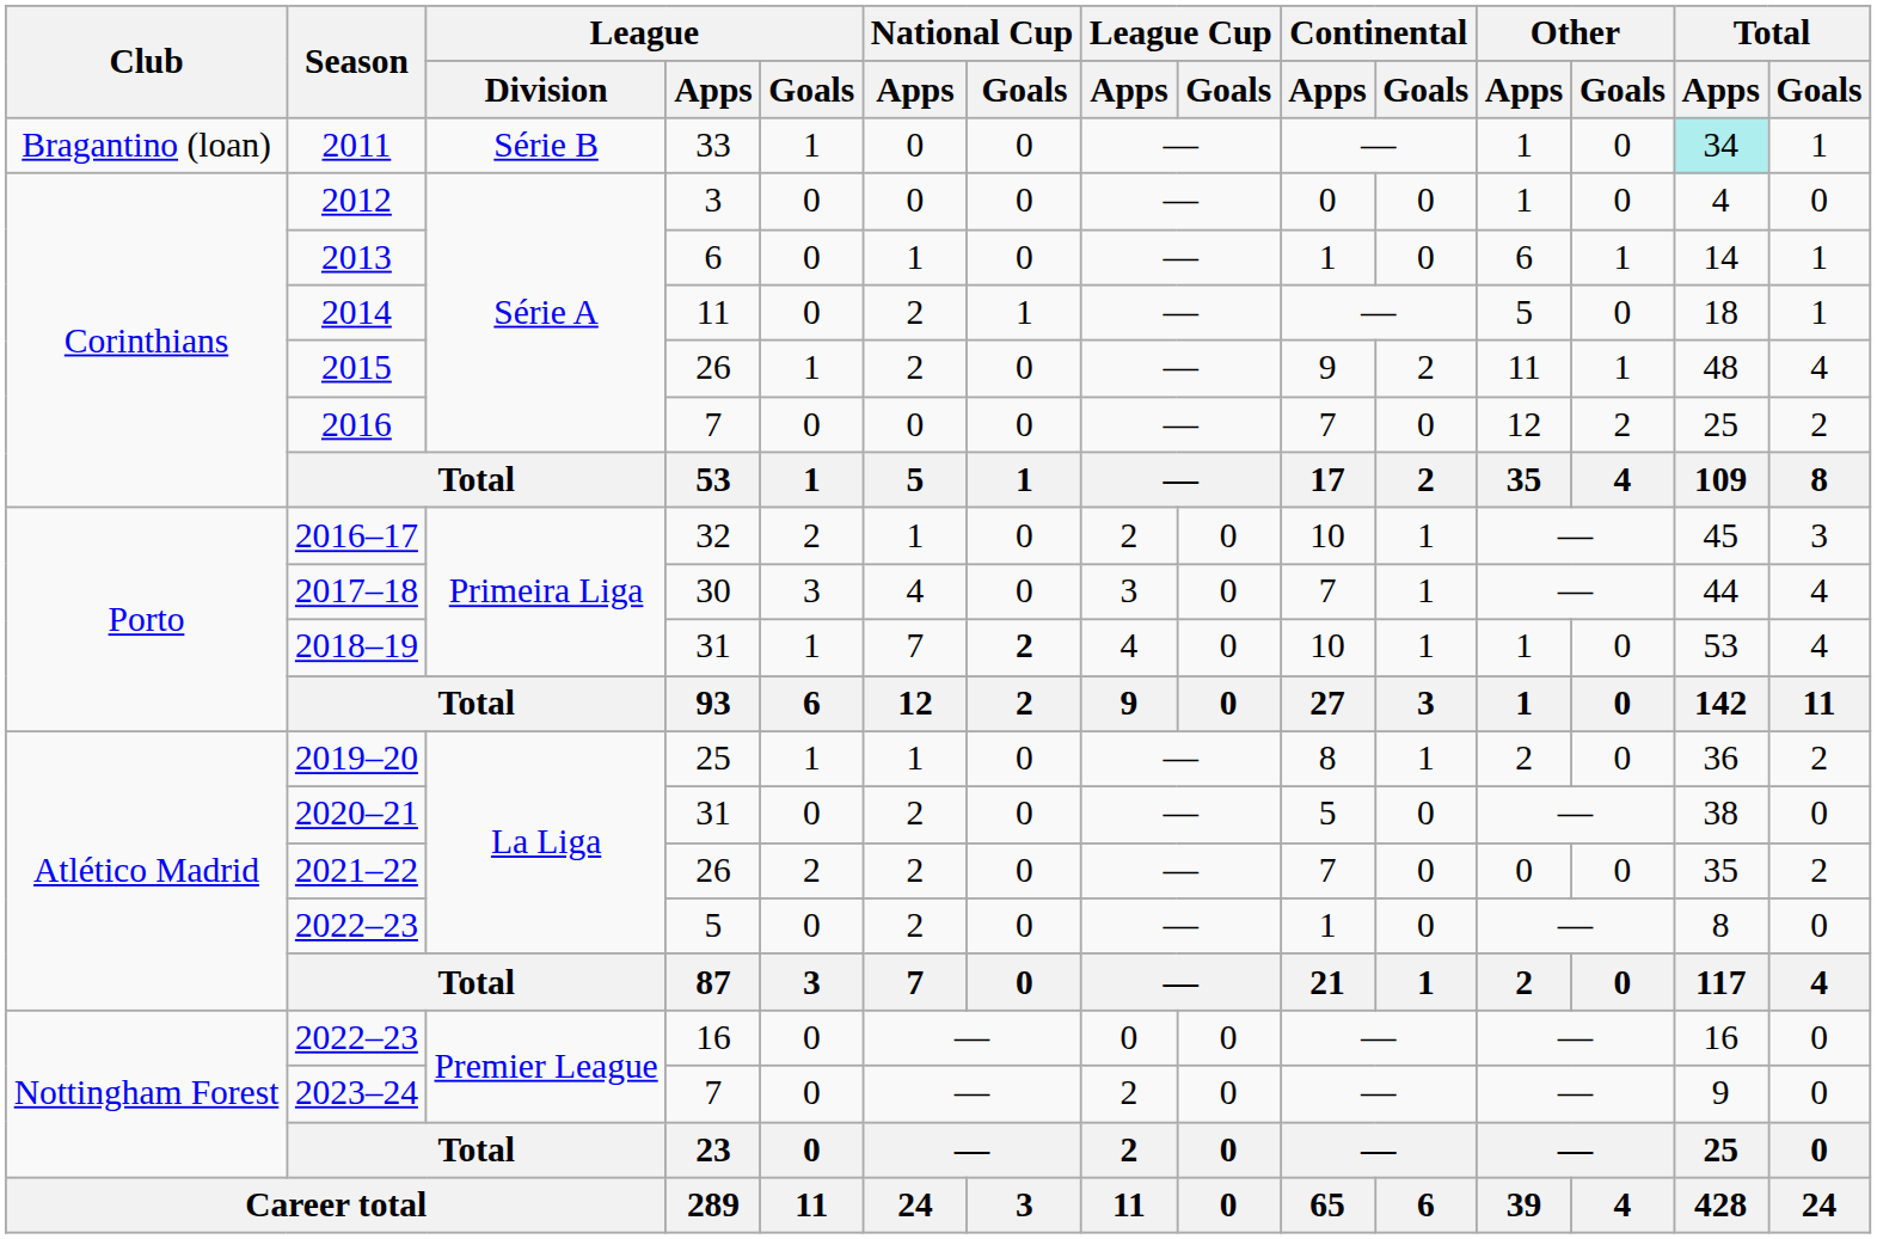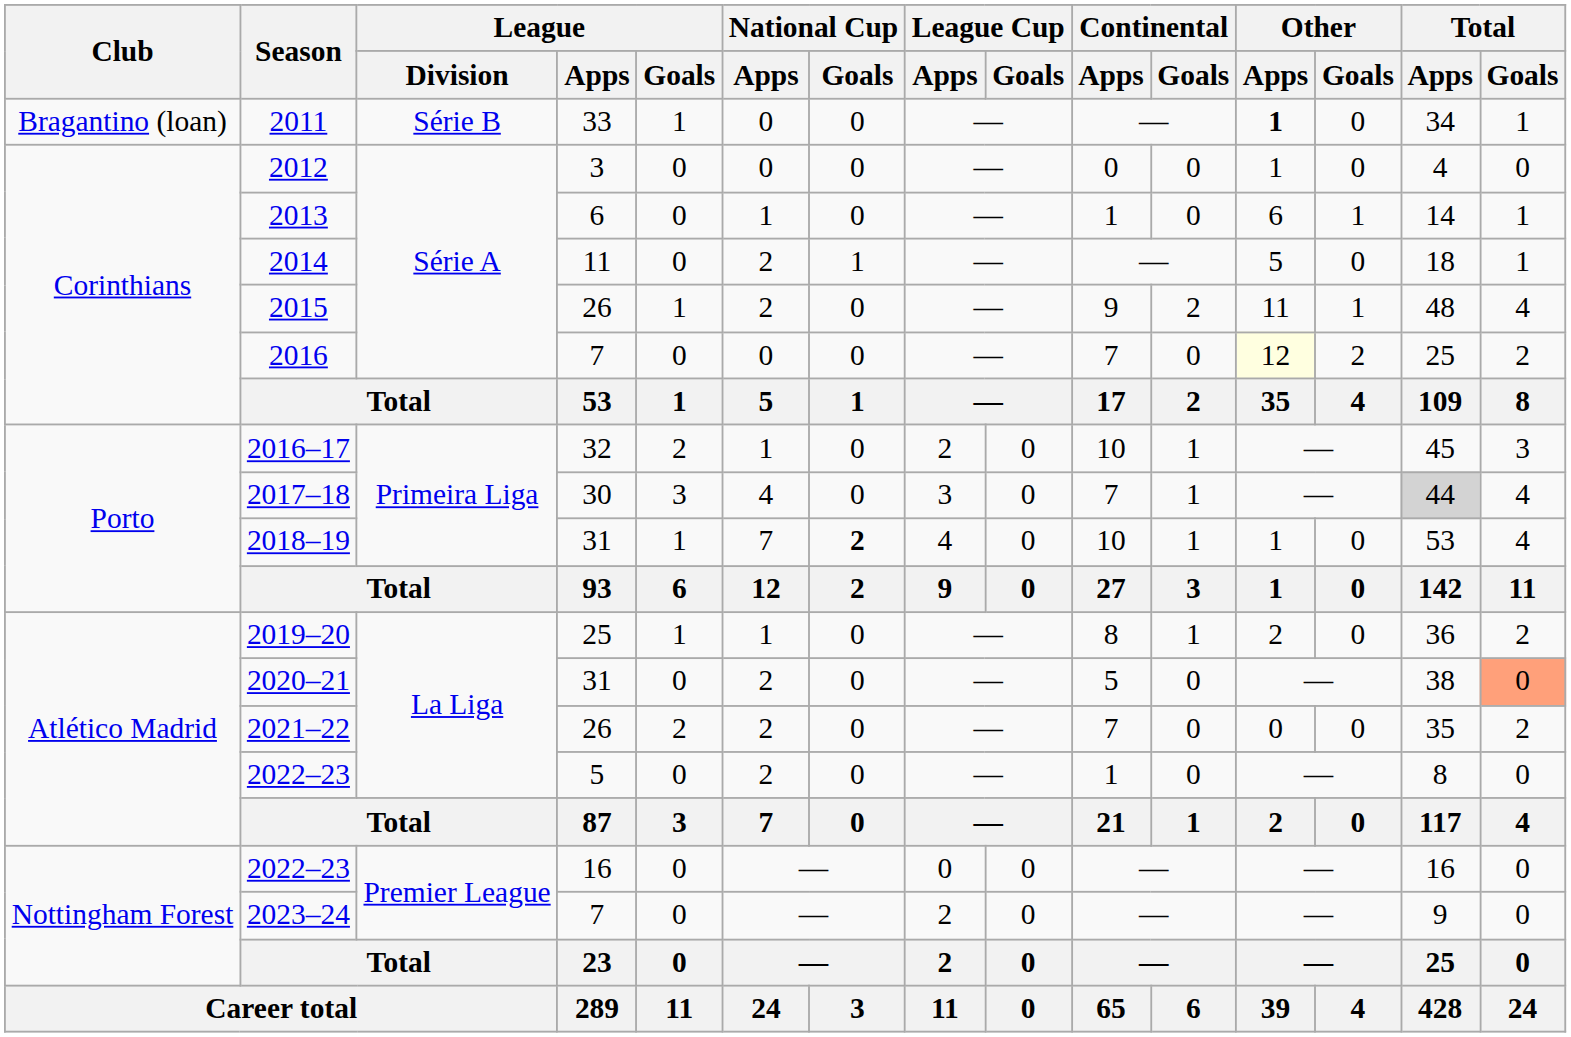 <table class="wikitable" style="text-align: center;">
 <tr>
 <th rowspan="2">Club</th>
 <th rowspan="2">Season</th>
 <th colspan="3">League</th>
 <th colspan="2">National Cup</th>
 <th colspan="2">League Cup</th>
 <th colspan="2">Continental</th>
 <th colspan="2">Other</th>
 <th colspan="2">Total</th>
 </tr>
 <tr>
 <th>Division</th>
 <th>Apps</th>
 <th>Goals</th>
 <th>Apps</th>
 <th>Goals</th>
 <th>Apps</th>
 <th>Goals</th>
 <th>Apps</th>
 <th>Goals</th>
 <th>Apps</th>
 <th>Goals</th>
 <th>Apps</th>
 <th>Goals</th>
 </tr>
 <tr>
 <td><a href='#'>Bragantino</a> (loan)</td>
 <td><a href='#'>2011</a></td>
 <td><a href='#'>Série B</a></td>
 <td>33</td>
 <td>1</td>
 <td>0</td>
 <td>0</td>
 <td colspan="2">—</td>
 <td colspan="2">—</td>
-<td>1</td>
+<td><strong>1</strong></td>
 <td>0</td>
-<td style="background: paleturquoise;">34</td>
+<td>34</td>
 <td>1</td>
 </tr>
 <tr>
 <td rowspan="6"><a href='#'>Corinthians</a></td>
 <td><a href='#'>2012</a></td>
 <td rowspan="5"><a href='#'>Série A</a></td>
 <td>3</td>
 <td>0</td>
 <td>0</td>
 <td>0</td>
 <td colspan="2">—</td>
 <td>0</td>
 <td>0</td>
 <td>1</td>
 <td>0</td>
 <td>4</td>
 <td>0</td>
 </tr>
 <tr>
 <td><a href='#'>2013</a></td>
 <td>6</td>
 <td>0</td>
 <td>1</td>
 <td>0</td>
 <td colspan="2">—</td>
 <td>1</td>
 <td>0</td>
 <td>6</td>
 <td>1</td>
 <td>14</td>
 <td>1</td>
 </tr>
 <tr>
 <td><a href='#'>2014</a></td>
 <td>11</td>
 <td>0</td>
 <td>2</td>
 <td>1</td>
 <td colspan="2">—</td>
 <td colspan="2">—</td>
 <td>5</td>
 <td>0</td>
 <td>18</td>
 <td>1</td>
 </tr>
 <tr>
 <td><a href='#'>2015</a></td>
 <td>26</td>
 <td>1</td>
 <td>2</td>
 <td>0</td>
 <td colspan="2">—</td>
 <td>9</td>
 <td>2</td>
 <td>11</td>
 <td>1</td>
 <td>48</td>
 <td>4</td>
 </tr>
 <tr>
 <td><a href='#'>2016</a></td>
 <td>7</td>
 <td>0</td>
 <td>0</td>
 <td>0</td>
 <td colspan="2">—</td>
 <td>7</td>
 <td>0</td>
-<td>12</td>
+<td style="background: lightyellow;">12</td>
 <td>2</td>
 <td>25</td>
 <td>2</td>
 </tr>
 <tr>
 <th colspan="2">Total</th>
 <th>53</th>
 <th>1</th>
 <th>5</th>
 <th>1</th>
 <th colspan="2">—</th>
 <th>17</th>
 <th>2</th>
 <th>35</th>
 <th>4</th>
 <th>109</th>
 <th>8</th>
 </tr>
 <tr>
 <td rowspan="4"><a href='#'>Porto</a></td>
 <td><a href='#'>2016–17</a></td>
 <td rowspan="3"><a href='#'>Primeira Liga</a></td>
 <td>32</td>
 <td>2</td>
 <td>1</td>
 <td>0</td>
 <td>2</td>
 <td>0</td>
 <td>10</td>
 <td>1</td>
 <td colspan="2">—</td>
 <td>45</td>
 <td>3</td>
 </tr>
 <tr>
 <td><a href='#'>2017–18</a></td>
 <td>30</td>
 <td>3</td>
 <td>4</td>
 <td>0</td>
 <td>3</td>
 <td>0</td>
 <td>7</td>
 <td>1</td>
 <td colspan="2">—</td>
-<td>44</td>
+<td style="background: lightgrey;">44</td>
 <td>4</td>
 </tr>
 <tr>
 <td><a href='#'>2018–19</a></td>
 <td>31</td>
 <td>1</td>
 <td>7</td>
 <td><strong>2</strong></td>
 <td>4</td>
 <td>0</td>
 <td>10</td>
 <td>1</td>
 <td>1</td>
 <td>0</td>
 <td>53</td>
 <td>4</td>
 </tr>
 <tr>
 <th colspan="2">Total</th>
 <th>93</th>
 <th>6</th>
 <th>12</th>
 <th>2</th>
 <th>9</th>
 <th>0</th>
 <th>27</th>
 <th>3</th>
 <th>1</th>
 <th>0</th>
 <th>142</th>
 <th>11</th>
 </tr>
 <tr>
 <td rowspan="5"><a href='#'>Atlético Madrid</a></td>
 <td><a href='#'>2019–20</a></td>
 <td rowspan="4"><a href='#'>La Liga</a></td>
 <td>25</td>
 <td>1</td>
 <td>1</td>
 <td>0</td>
 <td colspan="2">—</td>
 <td>8</td>
 <td>1</td>
 <td>2</td>
 <td>0</td>
 <td>36</td>
 <td>2</td>
 </tr>
 <tr>
 <td><a href='#'>2020–21</a></td>
 <td>31</td>
 <td>0</td>
 <td>2</td>
 <td>0</td>
 <td colspan="2">—</td>
 <td>5</td>
 <td>0</td>
 <td colspan="2">—</td>
 <td>38</td>
-<td>0</td>
+<td style="background: lightsalmon;">0</td>
 </tr>
 <tr>
 <td><a href='#'>2021–22</a></td>
 <td>26</td>
 <td>2</td>
 <td>2</td>
 <td>0</td>
 <td colspan="2">—</td>
 <td>7</td>
 <td>0</td>
 <td>0</td>
 <td>0</td>
 <td>35</td>
 <td>2</td>
 </tr>
 <tr>
 <td><a href='#'>2022–23</a></td>
 <td>5</td>
 <td>0</td>
 <td>2</td>
 <td>0</td>
 <td colspan="2">—</td>
 <td>1</td>
 <td>0</td>
 <td colspan="2">—</td>
 <td>8</td>
 <td>0</td>
 </tr>
 <tr>
 <th colspan="2">Total</th>
 <th>87</th>
 <th>3</th>
 <th>7</th>
 <th>0</th>
 <th colspan="2">—</th>
 <th>21</th>
 <th>1</th>
 <th>2</th>
 <th>0</th>
 <th>117</th>
 <th>4</th>
 </tr>
 <tr>
 <td rowspan="3"><a href='#'>Nottingham Forest</a></td>
 <td><a href='#'>2022–23</a></td>
 <td rowspan="2"><a href='#'>Premier League</a></td>
 <td>16</td>
 <td>0</td>
 <td colspan="2">—</td>
 <td>0</td>
 <td>0</td>
 <td colspan="2">—</td>
 <td colspan="2">—</td>
 <td>16</td>
 <td>0</td>
 </tr>
 <tr>
 <td><a href='#'>2023–24</a></td>
 <td>7</td>
 <td>0</td>
 <td colspan="2">—</td>
 <td>2</td>
 <td>0</td>
 <td colspan="2">—</td>
 <td colspan="2">—</td>
 <td>9</td>
 <td>0</td>
 </tr>
 <tr>
 <th colspan="2">Total</th>
 <th>23</th>
 <th>0</th>
 <th colspan="2">—</th>
 <th>2</th>
 <th>0</th>
 <th colspan="2">—</th>
 <th colspan="2">—</th>
 <th>25</th>
 <th>0</th>
 </tr>
 <tr>
 <th colspan="3">Career total</th>
 <th>289</th>
 <th>11</th>
 <th>24</th>
 <th>3</th>
 <th>11</th>
 <th>0</th>
 <th>65</th>
 <th>6</th>
 <th>39</th>
 <th>4</th>
 <th>428</th>
 <th>24</th>
 </tr>
 </table>
